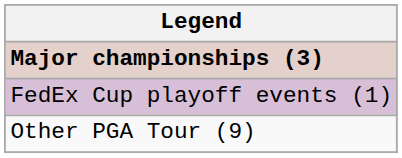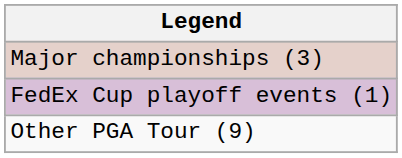 <table class="wikitable" style="font-size:95%;">
 <tr>
 <th>Legend</th>
 </tr>
 <tr style="background:#e5d1cb;">
-<td><strong>Major championships (3)</strong></td>
+<td>Major championships (3)</td>
 </tr>
 <tr style="background:thistle;">
 <td>FedEx Cup playoff events (1)</td>
 </tr>
 <tr>
 <td>Other PGA Tour (9)</td>
 </tr>
 </table>
